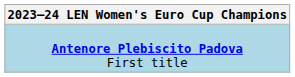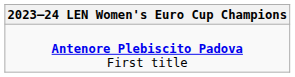 <table class=wikitable style="text-align:center; margin:auto">
 <tr>
 <th>2023–24 LEN Women's Euro Cup Champions</th>
 </tr>
 <tr>
-<td style="background: lightblue;"> <br><strong><a href='#'>Antenore Plebiscito Padova</a></strong><br>First title</td>
+<td> <br><strong><a href='#'>Antenore Plebiscito Padova</a></strong><br>First title</td>
 </tr>
 </table>
